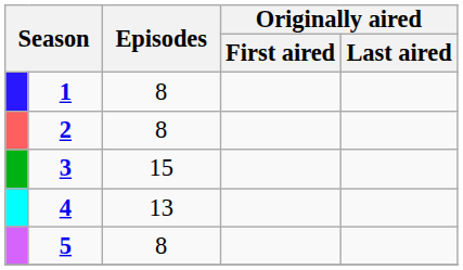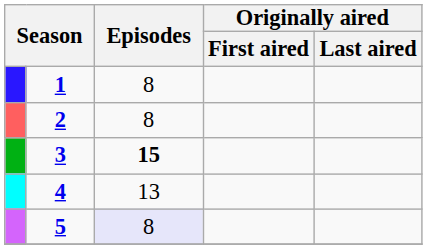 <table class="wikitable" style="text-align: center;">
 <tr>
 <th style="padding: 0 8px;" rowspan="2" colspan="2">Season</th>
 <th style="padding: 0 8px;" rowspan="2">Episodes</th>
 <th style="padding: 0 8px;" colspan="2">Originally aired</th>
 </tr>
 <tr>
 <th>First aired</th>
 <th>Last aired</th>
 </tr>
 <tr>
 <td style="background:#2917FF; width:8px;"></td>
 <td><strong><a href='#'>1</a></strong></td>
 <td>8</td>
 <td></td>
 <td></td>
 </tr>
 <tr>
 <td style="background:#FF5F5F; width:8px;"></td>
 <td><strong><a href='#'>2</a></strong></td>
 <td>8</td>
 <td></td>
 <td></td>
 </tr>
 <tr>
 <td style="background:#00B113; width:8px;"></td>
 <td><strong><a href='#'>3</a></strong></td>
-<td>15</td>
+<td><strong>15</strong></td>
 <td></td>
 <td></td>
 </tr>
 <tr>
 <td style="background:#00FFFF; width:8px;"></td>
 <td><strong><a href='#'>4</a></strong></td>
 <td>13</td>
 <td></td>
 <td></td>
 </tr>
 <tr>
 <td style="background:#d464fc; width:8px;"></td>
 <td><strong><a href='#'>5</a></strong></td>
-<td>8</td>
+<td style="background: lavender;">8</td>
 <td></td>
 <td></td>
 </tr>
 <tr>
 </tr>
 </table>
